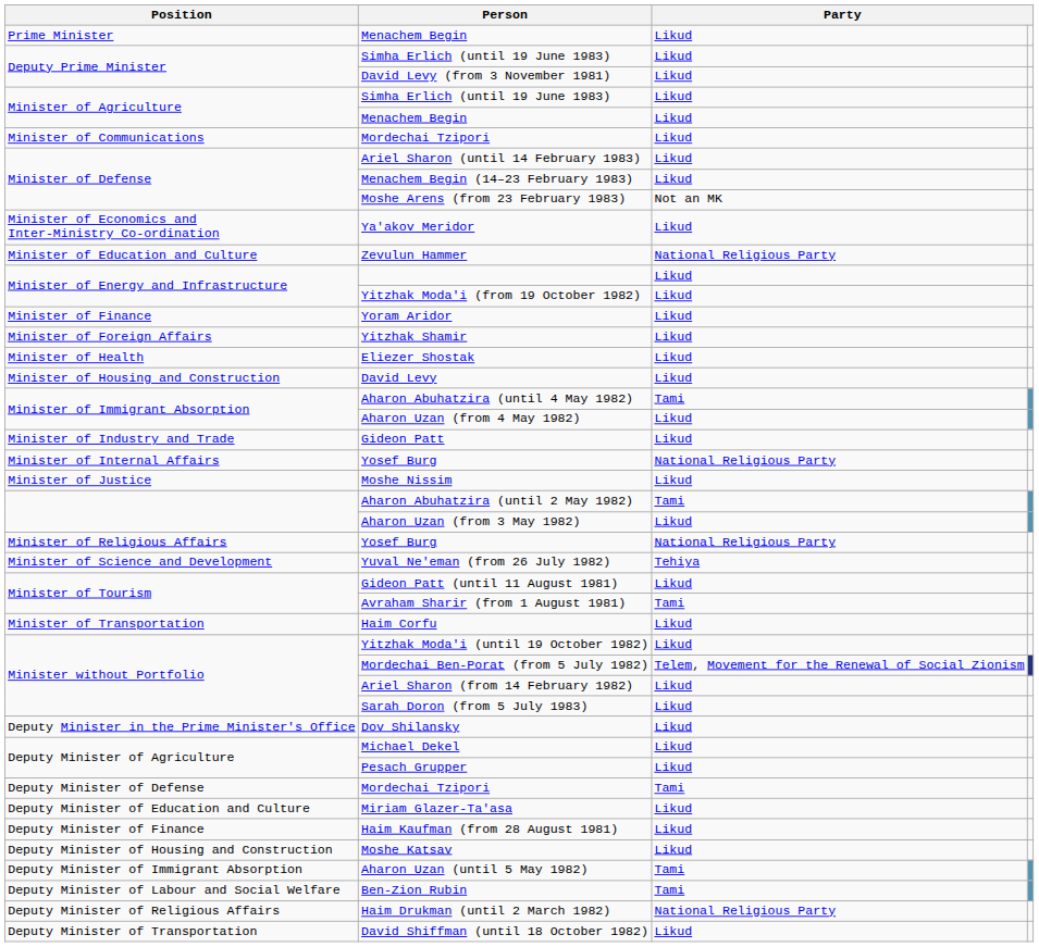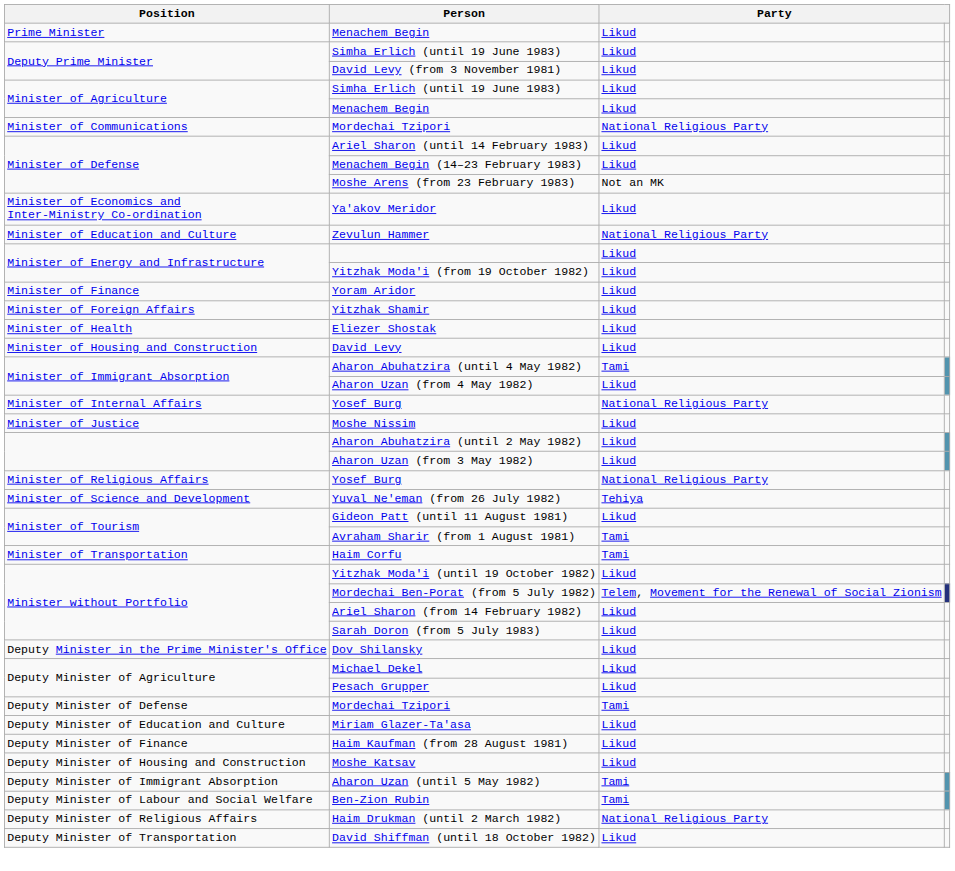 <table class=wikitable style=text-align:left>
 <tr>
 <th>Position</th>
 <th>Person</th>
 <th colspan=2>Party</th>
 </tr>
 <tr>
 <td><a href='#'>Prime Minister</a></td>
 <td><a href='#'>Menachem Begin</a></td>
 <td><a href='#'>Likud</a></td>
 <td style="background:"></td>
 </tr>
 <tr>
 <td rowspan=2><a href='#'>Deputy Prime Minister</a></td>
 <td><a href='#'>Simha Erlich</a> (until 19 June 1983)</td>
 <td><a href='#'>Likud</a></td>
 <td style="background:"></td>
 </tr>
 <tr>
 <td><a href='#'>David Levy</a> (from 3 November 1981)</td>
 <td><a href='#'>Likud</a></td>
 <td style="background:"></td>
 </tr>
 <tr>
 <td rowspan=2><a href='#'>Minister of Agriculture</a></td>
 <td><a href='#'>Simha Erlich</a> (until 19 June 1983)</td>
 <td><a href='#'>Likud</a></td>
 <td style="background:"></td>
 </tr>
 <tr>
 <td><a href='#'>Menachem Begin</a></td>
 <td><a href='#'>Likud</a></td>
 <td style="background:"></td>
 </tr>
 <tr>
 <td><a href='#'>Minister of Communications</a></td>
 <td><a href='#'>Mordechai Tzipori</a></td>
-<td><a href='#'>Likud</a></td>
+<td><a href='#'>National Religious Party</a></td>
 <td style="background:"></td>
 </tr>
 <tr>
 <td rowspan=3><a href='#'>Minister of Defense</a></td>
 <td><a href='#'>Ariel Sharon</a> (until 14 February 1983)</td>
 <td><a href='#'>Likud</a></td>
 <td style="background:"></td>
 </tr>
 <tr>
 <td><a href='#'>Menachem Begin</a> (14–23 February 1983)</td>
 <td><a href='#'>Likud</a></td>
 <td style="background:"></td>
 </tr>
 <tr>
 <td><a href='#'>Moshe Arens</a> (from 23 February 1983)</td>
 <td>Not an MK</td>
 <td style="background:"></td>
 </tr>
 <tr>
 <td><a href='#'>Minister of Economics and<br>Inter-Ministry Co-ordination</a></td>
 <td><a href='#'>Ya'akov Meridor</a></td>
 <td><a href='#'>Likud</a></td>
 <td style="background:"></td>
 </tr>
 <tr>
 <td><a href='#'>Minister of Education and Culture</a></td>
 <td><a href='#'>Zevulun Hammer</a></td>
 <td><a href='#'>National Religious Party</a></td>
 <td style="background:"></td>
 </tr>
 <tr>
 <td rowspan=2><a href='#'>Minister of Energy and Infrastructure</a></td>
 <td></td>
 <td><a href='#'>Likud</a></td>
 <td style="background:"></td>
 </tr>
 <tr>
 <td><a href='#'>Yitzhak Moda'i</a> (from 19 October 1982)</td>
 <td><a href='#'>Likud</a></td>
 <td style="background:"></td>
 </tr>
 <tr>
 <td><a href='#'>Minister of Finance</a></td>
 <td><a href='#'>Yoram Aridor</a></td>
 <td><a href='#'>Likud</a></td>
 <td style="background:"></td>
 </tr>
 <tr>
 <td><a href='#'>Minister of Foreign Affairs</a></td>
 <td><a href='#'>Yitzhak Shamir</a></td>
 <td><a href='#'>Likud</a></td>
 <td style="background:"></td>
 </tr>
 <tr>
 <td><a href='#'>Minister of Health</a></td>
 <td><a href='#'>Eliezer Shostak</a></td>
 <td><a href='#'>Likud</a></td>
 <td style="background:"></td>
 </tr>
 <tr>
 <td><a href='#'>Minister of Housing and Construction</a></td>
 <td><a href='#'>David Levy</a></td>
 <td><a href='#'>Likud</a></td>
 <td style="background:"></td>
 </tr>
 <tr>
 <td rowspan=2><a href='#'>Minister of Immigrant Absorption</a></td>
 <td><a href='#'>Aharon Abuhatzira</a> (until 4 May 1982)</td>
 <td><a href='#'>Tami</a></td>
 <td style="background:#5294AE"></td>
 </tr>
 <tr>
 <td><a href='#'>Aharon Uzan</a> (from 4 May 1982)</td>
 <td><a href='#'>Likud</a></td>
 <td style="background:#5294AE"></td>
 </tr>
 <tr>
-<td><a href='#'>Minister of Industry and Trade</a></td>
-<td><a href='#'>Gideon Patt</a></td>
-<td><a href='#'>Likud</a></td>
-<td style="background:"></td>
-</tr>
-<tr>
 <td><a href='#'>Minister of Internal Affairs</a></td>
 <td><a href='#'>Yosef Burg</a></td>
 <td><a href='#'>National Religious Party</a></td>
 <td style="background:"></td>
 </tr>
 <tr>
 <td><a href='#'>Minister of Justice</a></td>
 <td><a href='#'>Moshe Nissim</a></td>
 <td><a href='#'>Likud</a></td>
 <td style="background:"></td>
 </tr>
 <tr>
 <td rowspan=2></td>
 <td><a href='#'>Aharon Abuhatzira</a> (until 2 May 1982)</td>
-<td><a href='#'>Tami</a></td>
+<td><a href='#'>Likud</a></td>
 <td style="background:#5294AE"></td>
 </tr>
 <tr>
 <td><a href='#'>Aharon Uzan</a> (from 3 May 1982)</td>
 <td><a href='#'>Likud</a></td>
 <td style="background:#5294AE"></td>
 </tr>
 <tr>
 <td><a href='#'>Minister of Religious Affairs</a></td>
 <td><a href='#'>Yosef Burg</a></td>
 <td><a href='#'>National Religious Party</a></td>
 <td style="background:"></td>
 </tr>
 <tr>
 <td><a href='#'>Minister of Science and Development</a></td>
 <td><a href='#'>Yuval Ne'eman</a> (from 26 July 1982)</td>
 <td><a href='#'>Tehiya</a></td>
 <td style="background:"></td>
 </tr>
 <tr>
 <td rowspan=2><a href='#'>Minister of Tourism</a></td>
 <td><a href='#'>Gideon Patt</a> (until 11 August 1981)</td>
 <td><a href='#'>Likud</a></td>
 <td style="background:"></td>
 </tr>
 <tr>
 <td><a href='#'>Avraham Sharir</a> (from 1 August 1981)</td>
 <td><a href='#'>Tami</a></td>
 <td style="background:"></td>
 </tr>
 <tr>
 <td><a href='#'>Minister of Transportation</a></td>
 <td><a href='#'>Haim Corfu</a></td>
-<td><a href='#'>Likud</a></td>
+<td><a href='#'>Tami</a></td>
 <td style="background:"></td>
 </tr>
 <tr>
 <td rowspan=4><a href='#'>Minister without Portfolio</a></td>
 <td><a href='#'>Yitzhak Moda'i</a> (until 19 October 1982)</td>
 <td><a href='#'>Likud</a></td>
 <td style="background:"></td>
 </tr>
 <tr>
 <td><a href='#'>Mordechai Ben-Porat</a> (from 5 July 1982)</td>
 <td><a href='#'>Telem</a>, <a href='#'>Movement for the Renewal of Social Zionism</a></td>
 <td style="background:#24317C"></td>
 </tr>
 <tr>
 <td><a href='#'>Ariel Sharon</a> (from 14 February 1982)</td>
 <td><a href='#'>Likud</a></td>
 <td style="background:"></td>
 </tr>
 <tr>
 <td><a href='#'>Sarah Doron</a> (from 5 July 1983)</td>
 <td><a href='#'>Likud</a></td>
 <td style="background:"></td>
 </tr>
 <tr>
 <td>Deputy <a href='#'>Minister in the Prime Minister's Office</a></td>
 <td><a href='#'>Dov Shilansky</a></td>
 <td><a href='#'>Likud</a></td>
 <td style="background:"></td>
 </tr>
 <tr>
 <td rowspan=2>Deputy Minister of Agriculture</td>
 <td><a href='#'>Michael Dekel</a></td>
 <td><a href='#'>Likud</a></td>
 <td style="background:"></td>
 </tr>
 <tr>
 <td><a href='#'>Pesach Grupper</a></td>
 <td><a href='#'>Likud</a></td>
 <td style="background:"></td>
 </tr>
 <tr>
 <td>Deputy Minister of Defense</td>
 <td><a href='#'>Mordechai Tzipori</a></td>
 <td><a href='#'>Tami</a></td>
 <td style="background:"></td>
 </tr>
 <tr>
 <td>Deputy Minister of Education and Culture</td>
 <td><a href='#'>Miriam Glazer-Ta'asa</a></td>
 <td><a href='#'>Likud</a></td>
 <td style="background:"></td>
 </tr>
 <tr>
 <td>Deputy Minister of Finance</td>
 <td><a href='#'>Haim Kaufman</a> (from 28 August 1981)</td>
 <td><a href='#'>Likud</a></td>
 <td style="background:"></td>
 </tr>
 <tr>
 <td>Deputy Minister of Housing and Construction</td>
 <td><a href='#'>Moshe Katsav</a></td>
 <td><a href='#'>Likud</a></td>
 <td style="background:"></td>
 </tr>
 <tr>
 <td>Deputy Minister of Immigrant Absorption</td>
 <td><a href='#'>Aharon Uzan</a> (until 5 May 1982)</td>
 <td><a href='#'>Tami</a></td>
 <td style="background:#5294AE"></td>
 </tr>
 <tr>
 <td>Deputy Minister of Labour and Social Welfare</td>
 <td><a href='#'>Ben-Zion Rubin</a></td>
 <td><a href='#'>Tami</a></td>
 <td style="background:#5294AE"></td>
 </tr>
 <tr>
 <td>Deputy Minister of Religious Affairs</td>
 <td><a href='#'>Haim Drukman</a> (until 2 March 1982)</td>
 <td><a href='#'>National Religious Party</a></td>
 <td style="background:"></td>
 </tr>
 <tr>
 <td>Deputy Minister of Transportation</td>
 <td><a href='#'>David Shiffman</a> (until 18 October 1982)</td>
 <td><a href='#'>Likud</a></td>
 <td style="background:"></td>
 </tr>
 </table>
